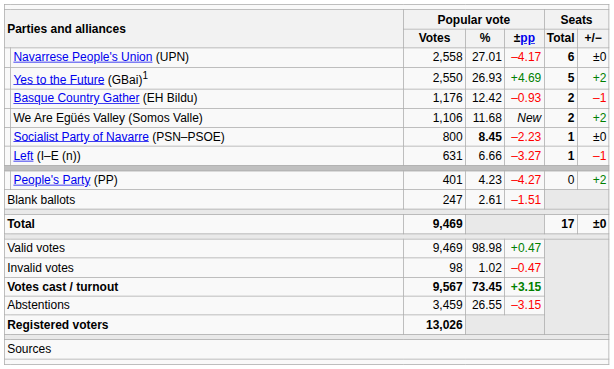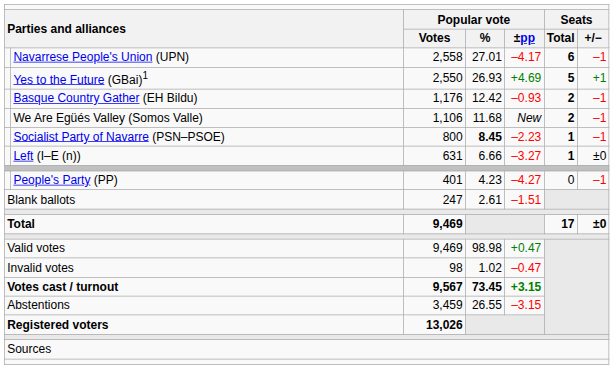 <table class="wikitable" style="text-align:right;">
 <tr>
 <td colspan="7"></td>
 </tr>
 <tr>
 <th style="text-align:left;" rowspan="2" colspan="2" width="525">Parties and alliances</th>
 <th colspan="3">Popular vote</th>
 <th colspan="2">Seats</th>
 </tr>
 <tr>
 <th width="75">Votes</th>
 <th width="45">%</th>
 <th width="45">±<a href='#'>pp</a></th>
 <th width="35">Total</th>
 <th width="35">+/−</th>
 </tr>
 <tr>
 <td width="1" style="color:inherit;background:"></td>
 <td align="left"><a href='#'>Navarrese People's Union</a> (UPN)</td>
 <td>2,558</td>
 <td>27.01</td>
 <td style="color:red;">–4.17</td>
 <td><strong>6</strong></td>
-<td>±0</td>
+<td style="color:red;">–1</td>
 </tr>
 <tr>
 <td style="color:inherit;background:"></td>
 <td align="left"><a href='#'>Yes to the Future</a> (GBai)<sup>1</sup></td>
 <td>2,550</td>
 <td>26.93</td>
 <td style="color:green;">+4.69</td>
 <td><strong>5</strong></td>
-<td style="color:green;">+2</td>
+<td style="color:green;">+1</td>
 </tr>
 <tr>
 <td style="color:inherit;background:"></td>
 <td align="left"><a href='#'>Basque Country Gather</a> (EH Bildu)</td>
 <td>1,176</td>
 <td>12.42</td>
 <td style="color:red;">–0.93</td>
 <td><strong>2</strong></td>
 <td style="color:red;">–1</td>
 </tr>
 <tr>
 <td style="color:inherit;background:"></td>
 <td align="left">We Are Egüés Valley (Somos Valle)</td>
 <td>1,106</td>
 <td>11.68</td>
 <td><em>New</em></td>
 <td><strong>2</strong></td>
-<td style="color:green;">+2</td>
+<td style="color:red;">–1</td>
 </tr>
 <tr>
 <td style="color:inherit;background:"></td>
 <td align="left"><a href='#'>Socialist Party of Navarre</a> (PSN–PSOE)</td>
 <td>800</td>
 <td><strong>8.45</strong></td>
 <td style="color:red;">–2.23</td>
 <td><strong>1</strong></td>
-<td>±0</td>
+<td style="color:red;">–1</td>
 </tr>
 <tr>
 <td style="color:inherit;background:"></td>
 <td align="left"><a href='#'>Left</a> (I–E (n))</td>
 <td>631</td>
 <td>6.66</td>
 <td style="color:red;">–3.27</td>
 <td><strong>1</strong></td>
-<td style="color:red;">–1</td>
+<td>±0</td>
 </tr>
 <tr>
 <td colspan="7" bgcolor="#C0C0C0"></td>
 </tr>
 <tr>
 <td style="color:inherit;background:"></td>
 <td align="left"><a href='#'>People's Party</a> (PP)</td>
 <td>401</td>
 <td>4.23</td>
 <td style="color:red;">–4.27</td>
 <td>0</td>
-<td style="color:green;">+2</td>
+<td style="color:red;">–1</td>
 </tr>
 <tr>
 <td align="left" colspan="2">Blank ballots</td>
 <td>247</td>
 <td>2.61</td>
 <td style="color:red;">–1.51</td>
 <td bgcolor="#E9E9E9" colspan="2"></td>
 </tr>
 <tr>
 <td colspan="7" bgcolor="#E9E9E9"></td>
 </tr>
 <tr style="font-weight:bold;">
 <td align="left" colspan="2">Total</td>
 <td>9,469</td>
 <td bgcolor="#E9E9E9" colspan="2"></td>
 <td>17</td>
 <td>±0</td>
 </tr>
 <tr>
 <td colspan="7" bgcolor="#E9E9E9"></td>
 </tr>
 <tr>
 <td align="left" colspan="2">Valid votes</td>
 <td>9,469</td>
 <td>98.98</td>
 <td style="color:green;">+0.47</td>
 <td bgcolor="#E9E9E9" colspan="2" rowspan="5"></td>
 </tr>
 <tr>
 <td align="left" colspan="2">Invalid votes</td>
 <td>98</td>
 <td>1.02</td>
 <td style="color:red;">–0.47</td>
 </tr>
 <tr style="font-weight:bold;">
 <td align="left" colspan="2">Votes cast / turnout</td>
 <td>9,567</td>
 <td>73.45</td>
 <td style="color:green;">+3.15</td>
 </tr>
 <tr>
 <td align="left" colspan="2">Abstentions</td>
 <td>3,459</td>
 <td>26.55</td>
 <td style="color:red;">–3.15</td>
 </tr>
 <tr style="font-weight:bold;">
 <td align="left" colspan="2">Registered voters</td>
 <td>13,026</td>
 <td bgcolor="#E9E9E9" colspan="2"></td>
 </tr>
 <tr>
 <td colspan="7" bgcolor="#E9E9E9"></td>
 </tr>
 <tr>
 <td align="left" colspan="7">Sources</td>
 </tr>
 <tr>
 <td colspan="7" style="text-align:left; max-width:790px;"></td>
 </tr>
 </table>
